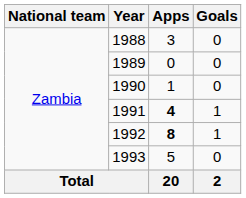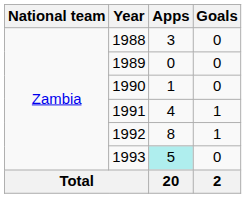 <table class="wikitable" style="text-align: center;">
 <tr>
 <th>National team</th>
 <th>Year</th>
 <th>Apps</th>
 <th>Goals</th>
 </tr>
 <tr>
 <td rowspan="6"><a href='#'>Zambia</a></td>
 <td>1988</td>
 <td>3</td>
 <td>0</td>
 </tr>
 <tr>
 <td>1989</td>
 <td>0</td>
 <td>0</td>
 </tr>
 <tr>
 <td>1990</td>
 <td>1</td>
 <td>0</td>
 </tr>
 <tr>
 <td>1991</td>
-<td><strong>4</strong></td>
+<td>4</td>
 <td>1</td>
 </tr>
 <tr>
 <td>1992</td>
-<td><strong>8</strong></td>
+<td>8</td>
 <td>1</td>
 </tr>
 <tr>
 <td>1993</td>
-<td>5</td>
+<td style="background: paleturquoise;">5</td>
 <td>0</td>
 </tr>
 <tr>
 <th colspan="2">Total</th>
 <th>20</th>
 <th>2</th>
 </tr>
 </table>
